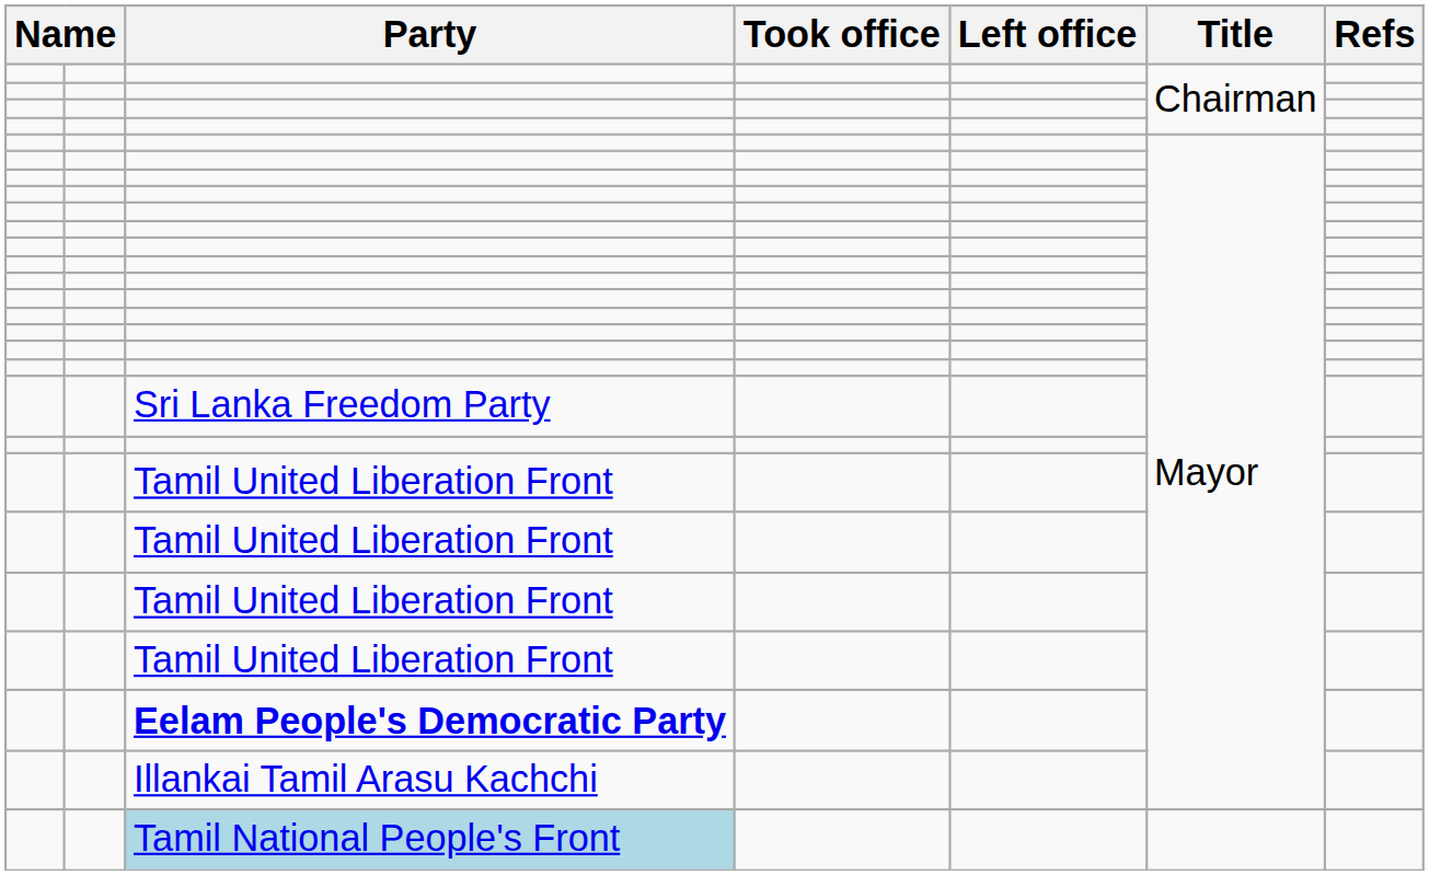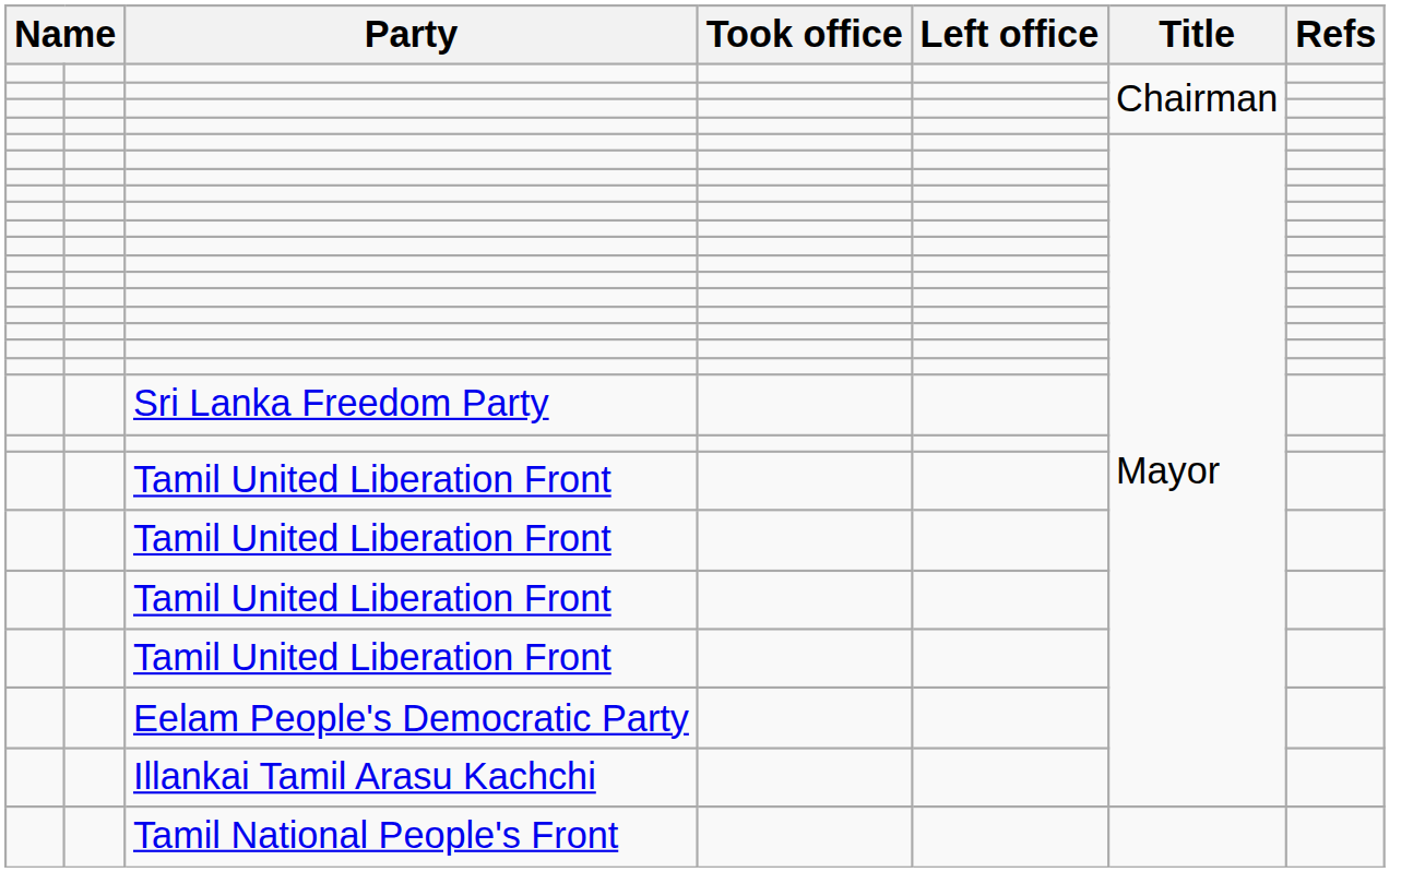 <table class="wikitable plainrowheaders sortable" style="font-size:100%; text-align:left;">
 <tr>
 <th scope=col colspan="2">Name</th>
 <th scope=col>Party</th>
 <th scope=col>Took office</th>
 <th scope=col>Left office</th>
 <th scope=col>Title</th>
 <th scope=col class=unsortable>Refs</th>
 </tr>
 <tr>
 <td></td>
 <td></td>
 <td></td>
 <td align=center></td>
 <td align=center></td>
 <td rowspan=4>Chairman</td>
 <td align=center></td>
 </tr>
 <tr>
 <td></td>
 <td></td>
 <td></td>
 <td align=center></td>
 <td align=center></td>
 <td align=center></td>
 </tr>
 <tr>
 <td></td>
 <td></td>
 <td></td>
 <td align=center></td>
 <td align=center></td>
 <td align=center></td>
 </tr>
 <tr>
 <td></td>
 <td></td>
 <td></td>
 <td align=center></td>
 <td align=center></td>
 <td align=center></td>
 </tr>
 <tr>
 <td></td>
 <td></td>
 <td></td>
 <td align=center></td>
 <td align=center></td>
 <td rowspan=22>Mayor</td>
 <td align=center></td>
 </tr>
 <tr>
 <td></td>
 <td></td>
 <td></td>
 <td align=center></td>
 <td align=center></td>
 <td align=center></td>
 </tr>
 <tr>
 <td></td>
 <td></td>
 <td></td>
 <td align=center></td>
 <td align=center></td>
 <td align=center></td>
 </tr>
 <tr>
 <td></td>
 <td></td>
 <td></td>
 <td align=center></td>
 <td align=center></td>
 <td align=center></td>
 </tr>
 <tr>
 <td></td>
 <td></td>
 <td></td>
 <td align=center></td>
 <td align=center></td>
 <td align=center></td>
 </tr>
 <tr>
 <td></td>
 <td></td>
 <td></td>
 <td align=center></td>
 <td align=center></td>
 <td align=center></td>
 </tr>
 <tr>
 <td></td>
 <td></td>
 <td></td>
 <td align=center></td>
 <td align=center></td>
 <td align=center></td>
 </tr>
 <tr>
 <td></td>
 <td></td>
 <td></td>
 <td align=center></td>
 <td align=center></td>
 <td align=center></td>
 </tr>
 <tr>
 <td></td>
 <td></td>
 <td></td>
 <td align=center></td>
 <td align=center></td>
 <td align=center></td>
 </tr>
 <tr>
 <td></td>
 <td></td>
 <td></td>
 <td align=center></td>
 <td align=center></td>
 <td align=center></td>
 </tr>
 <tr>
 <td></td>
 <td></td>
 <td></td>
 <td align=center></td>
 <td align=center></td>
 <td align=center></td>
 </tr>
 <tr>
 <td></td>
 <td></td>
 <td></td>
 <td align=center></td>
 <td align=center></td>
 <td align=center></td>
 </tr>
 <tr>
 <td></td>
 <td></td>
 <td></td>
 <td align=center></td>
 <td align=center></td>
 <td align=center></td>
 </tr>
 <tr>
 <td></td>
 <td></td>
 <td></td>
 <td align=center></td>
 <td align=center></td>
 <td align=center></td>
 </tr>
 <tr>
 <td !align="center" style="background:"></td>
 <td></td>
 <td><a href='#'>Sri Lanka Freedom Party</a></td>
 <td align=center></td>
 <td align=center></td>
 <td align=center></td>
 </tr>
 <tr>
 <td></td>
 <td></td>
 <td></td>
 <td align=center></td>
 <td align=center></td>
 <td align=center></td>
 </tr>
 <tr>
 <td !align="center" style="background:"></td>
 <td></td>
 <td><a href='#'>Tamil United Liberation Front</a></td>
 <td align=center></td>
 <td align=center></td>
 <td align=center></td>
 </tr>
 <tr>
 <td !align="center" style="background:"></td>
 <td></td>
 <td><a href='#'>Tamil United Liberation Front</a></td>
 <td align=center></td>
 <td align=center></td>
 <td align=center></td>
 </tr>
 <tr>
 <td !align="center" style="background:"></td>
 <td></td>
 <td><a href='#'>Tamil United Liberation Front</a></td>
 <td align=center></td>
 <td align=center></td>
 <td align=center></td>
 </tr>
 <tr>
 <td !align="center" style="background:"></td>
 <td></td>
 <td><a href='#'>Tamil United Liberation Front</a></td>
 <td align=center></td>
 <td align=center></td>
 <td align=center></td>
 </tr>
 <tr>
 <td !align="center" style="background:"></td>
 <td></td>
-<td><strong><a href='#'>Eelam People's Democratic Party</a></strong></td>
+<td><a href='#'>Eelam People's Democratic Party</a></td>
 <td align=center></td>
 <td align=center></td>
 <td align=center></td>
 </tr>
 <tr>
 <td !align="center" style="background:"></td>
 <td></td>
 <td><a href='#'>Illankai Tamil Arasu Kachchi</a></td>
 <td align=center></td>
 <td align=center></td>
 <td align=center></td>
 </tr>
 <tr>
 <td !align="center" style="background:"></td>
 <td></td>
-<td style="background: lightblue;"><a href='#'>Tamil National People's Front</a></td>
+<td><a href='#'>Tamil National People's Front</a></td>
 <td align=center></td>
 <td align=center></td>
 <td align=center></td>
 </tr>
 </table>
